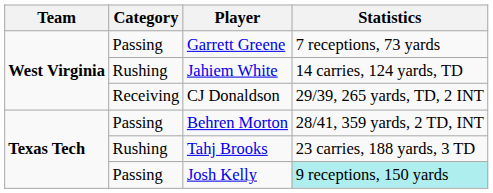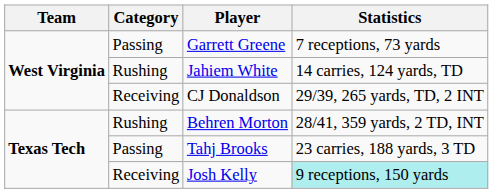 <table class="wikitable" style="float: right;">
 <tr>
 <th>Team</th>
 <th>Category</th>
 <th>Player</th>
 <th>Statistics</th>
 </tr>
 <tr>
 <td rowspan=3><strong>West Virginia</strong></td>
 <td>Passing</td>
 <td><a href='#'>Garrett Greene</a></td>
 <td>7 receptions, 73 yards</td>
 </tr>
 <tr>
 <td>Rushing</td>
 <td><a href='#'>Jahiem White</a></td>
 <td>14 carries, 124 yards, TD</td>
 </tr>
 <tr>
 <td>Receiving</td>
 <td>CJ Donaldson</td>
 <td>29/39, 265 yards, TD, 2 INT</td>
 </tr>
 <tr>
 <td rowspan=3><strong>Texas Tech</strong></td>
-<td>Passing</td>
+<td>Rushing</td>
 <td><a href='#'>Behren Morton</a></td>
 <td>28/41, 359 yards, 2 TD, INT</td>
 </tr>
 <tr>
-<td>Rushing</td>
+<td>Passing</td>
 <td><a href='#'>Tahj Brooks</a></td>
 <td>23 carries, 188 yards, 3 TD</td>
 </tr>
 <tr>
-<td>Passing</td>
+<td>Receiving</td>
 <td><a href='#'>Josh Kelly</a></td>
 <td style="background: paleturquoise;">9 receptions, 150 yards</td>
 </tr>
 </table>
